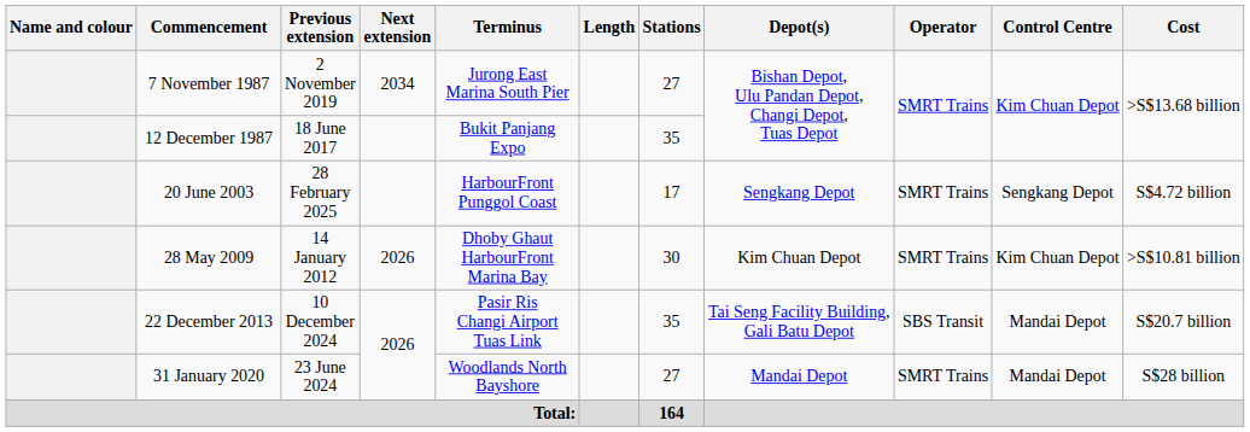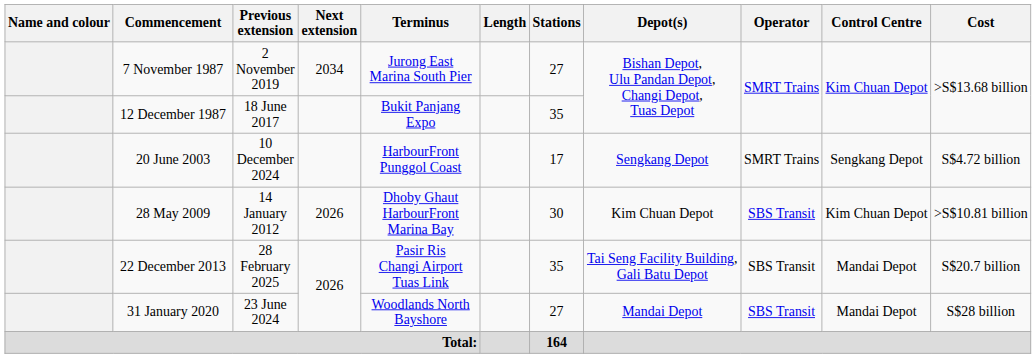 <table class="wikitable sortable" style=margin:auto;font-align:center;text-align:center>
 <tr>
 <th>Name and colour</th>
 <th style=width:130px>Commencement</th>
 <th style=width:65px>Previous extension</th>
 <th style=width:65px>Next extension</th>
 <th style=width:130px>Terminus</th>
 <th style=width:30px>Length</th>
 <th style=width:30px>Stations</th>
 <th>Depot(s)</th>
 <th>Operator</th>
 <th>Control Centre</th>
 <th>Cost</th>
 </tr>
 <tr>
 <th style=background-color:#><a href='#'></a></th>
 <td>7 November 1987</td>
 <td>2 November 2019</td>
 <td>2034</td>
 <td><a href='#'>Jurong East</a><br><a href='#'>Marina South Pier</a></td>
 <td></td>
 <td>27</td>
 <td rowspan="2"><a href='#'>Bishan Depot</a>,<br><a href='#'>Ulu Pandan Depot</a>,<br><a href='#'>Changi Depot</a>,<br><a href='#'>Tuas Depot</a></td>
 <td rowspan="2"><a href='#'>SMRT Trains</a></td>
 <td rowspan="2"><a href='#'>Kim Chuan Depot</a></td>
 <td rowspan="2">>S$13.68 billion </td>
 </tr>
 <tr>
 <th style=background-color:#><a href='#'></a></th>
 <td>12 December 1987</td>
 <td>18 June 2017</td>
 <td></td>
 <td><a href='#'>Bukit Panjang</a><br><a href='#'>Expo</a></td>
 <td></td>
 <td>35</td>
 </tr>
 <tr>
 <th style=background-color:#><a href='#'></a></th>
 <td>20 June 2003</td>
-<td>28 February 2025</td>
+<td>10 December 2024</td>
 <td></td>
 <td><a href='#'>HarbourFront</a><br><a href='#'>Punggol Coast</a></td>
 <td></td>
 <td>17</td>
 <td><a href='#'>Sengkang Depot</a></td>
 <td>SMRT Trains</td>
 <td>Sengkang Depot</td>
 <td>S$4.72 billion </td>
 </tr>
 <tr>
 <th style=background-color:#><a href='#'></a></th>
 <td>28 May 2009</td>
 <td>14 January 2012</td>
 <td>2026</td>
 <td><a href='#'>Dhoby Ghaut</a><br><a href='#'>HarbourFront</a><br><a href='#'>Marina Bay</a></td>
 <td></td>
 <td>30</td>
 <td>Kim Chuan Depot</td>
-<td>SMRT Trains</td>
+<td><a href='#'>SBS Transit</a></td>
 <td>Kim Chuan Depot</td>
 <td>>S$10.81 billion </td>
 </tr>
 <tr>
 <th style=background-color:#><a href='#'></a></th>
 <td>22 December 2013</td>
-<td>10 December 2024</td>
+<td>28 February 2025</td>
 <td rowspan="2">2026</td>
 <td><a href='#'>Pasir Ris</a><br><a href='#'>Changi Airport</a><br><a href='#'>Tuas Link</a></td>
 <td></td>
 <td>35</td>
 <td><a href='#'>Tai Seng Facility Building</a>,<br><a href='#'>Gali Batu Depot</a></td>
 <td>SBS Transit</td>
 <td>Mandai Depot</td>
 <td>S$20.7 billion</td>
 </tr>
 <tr>
 <th style=background-color:#><a href='#'></a></th>
 <td>31 January 2020</td>
 <td>23 June 2024</td>
 <td><a href='#'>Woodlands North</a><br><a href='#'>Bayshore</a></td>
 <td></td>
 <td>27</td>
 <td><a href='#'>Mandai Depot</a></td>
-<td>SMRT Trains</td>
+<td><a href='#'>SBS Transit</a></td>
 <td>Mandai Depot</td>
 <td>S$28 billion </td>
 </tr>
 <tr class="sortbottom" style=background:#DCDCDC>
 <td colspan="5" style="text-align:right"><strong>Total:</strong></td>
 <td><strong></strong></td>
 <td><strong>164</strong></td>
 <td colspan="4"></td>
 </tr>
 </table>
